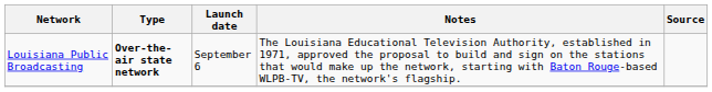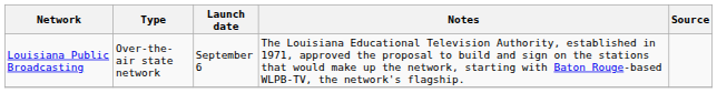 <table class="wikitable sortable">
 <tr>
 <th>Network</th>
 <th>Type</th>
 <th>Launch date</th>
 <th>Notes</th>
 <th>Source</th>
 </tr>
 <tr>
 <td><a href='#'>Louisiana Public Broadcasting</a></td>
-<td><strong>Over-the-air state network</strong></td>
+<td>Over-the-air state network</td>
 <td>September 6</td>
 <td>The Louisiana Educational Television Authority, established in 1971, approved the proposal to build and sign on the stations that would make up the network, starting with <a href='#'>Baton Rouge</a>-based WLPB-TV, the network's flagship.</td>
 <td></td>
 </tr>
 <tr>
 </tr>
 </table>
